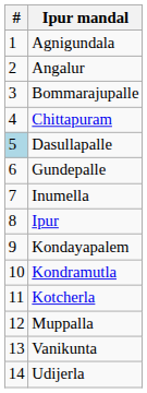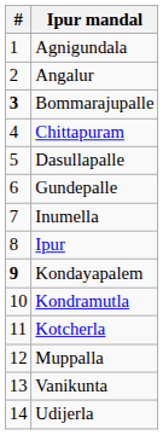 <table class="wikitable">
 <tr>
 <th>#</th>
 <th>Ipur mandal</th>
 </tr>
 <tr>
 <td>1</td>
 <td>Agnigundala</td>
 </tr>
 <tr>
 <td>2</td>
 <td>Angalur</td>
 </tr>
 <tr>
-<td>3</td>
+<td><strong>3</strong></td>
 <td>Bommarajupalle</td>
 </tr>
 <tr>
 <td>4</td>
 <td><a href='#'>Chittapuram</a></td>
 </tr>
 <tr>
-<td style="background: lightblue;">5</td>
+<td>5</td>
 <td>Dasullapalle</td>
 </tr>
 <tr>
 <td>6</td>
 <td>Gundepalle</td>
 </tr>
 <tr>
 <td>7</td>
 <td>Inumella</td>
 </tr>
 <tr>
 <td>8</td>
 <td><a href='#'>Ipur</a></td>
 </tr>
 <tr>
-<td>9</td>
+<td><strong>9</strong></td>
 <td>Kondayapalem</td>
 </tr>
 <tr>
 <td>10</td>
 <td><a href='#'>Kondramutla</a></td>
 </tr>
 <tr>
 <td>11</td>
 <td><a href='#'>Kotcherla</a></td>
 </tr>
 <tr>
 <td>12</td>
 <td>Muppalla</td>
 </tr>
 <tr>
 <td>13</td>
 <td>Vanikunta</td>
 </tr>
 <tr>
 <td>14</td>
 <td>Udijerla</td>
 </tr>
 </table>
